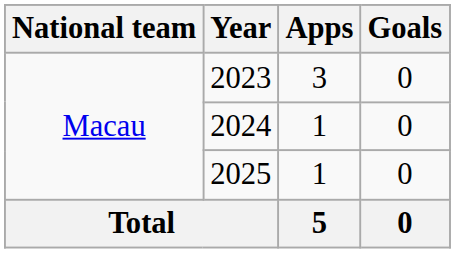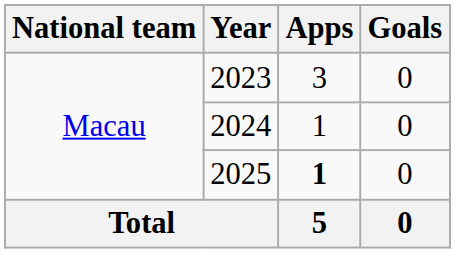 <table class="wikitable" style="text-align:center">
 <tr>
 <th>National team</th>
 <th>Year</th>
 <th>Apps</th>
 <th>Goals</th>
 </tr>
 <tr>
 <td rowspan=3><a href='#'>Macau</a></td>
 <td>2023</td>
 <td>3</td>
 <td>0</td>
 </tr>
 <tr>
 <td>2024</td>
 <td>1</td>
 <td>0</td>
 </tr>
 <tr>
 <td>2025</td>
-<td>1</td>
+<td><strong>1</strong></td>
 <td>0</td>
 </tr>
 <tr>
 <th colspan=2>Total</th>
 <th>5</th>
 <th>0</th>
 </tr>
 </table>
